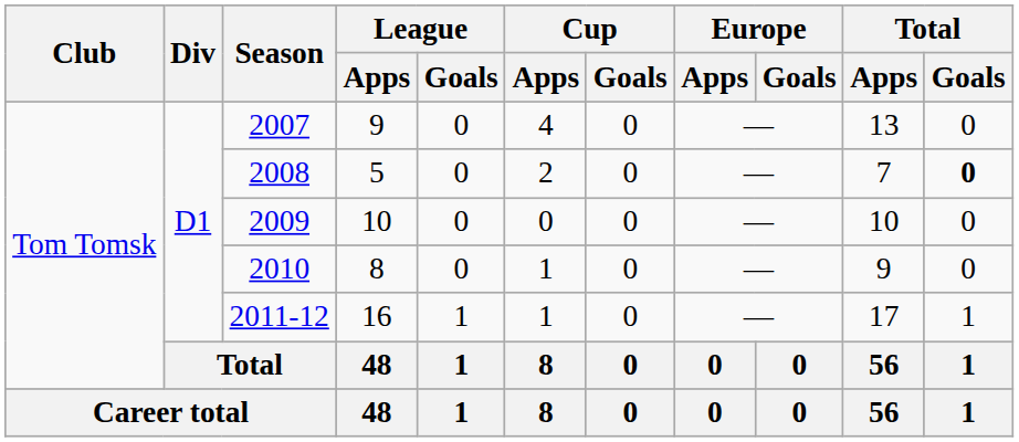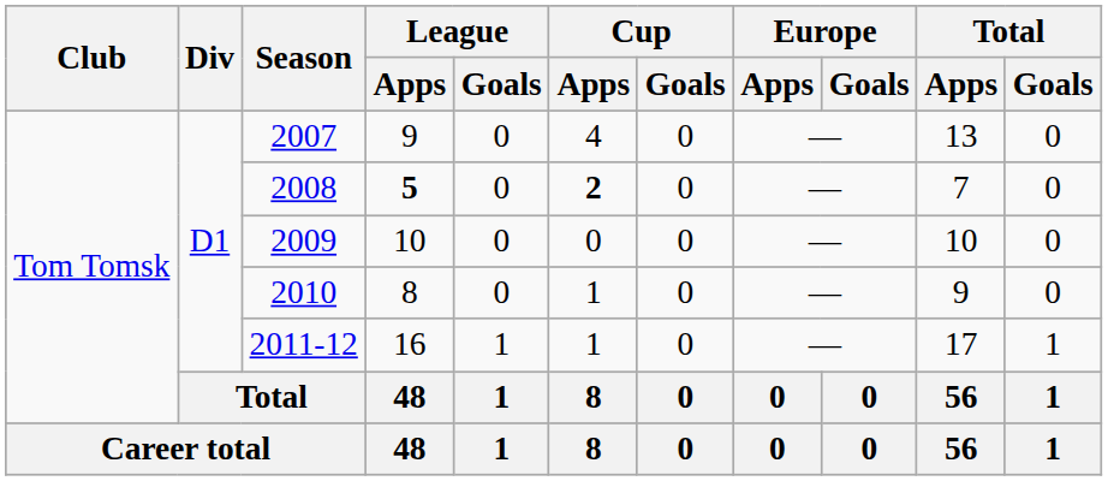 <table class="wikitable" style="text-align: center;">
 <tr>
 <th rowspan="2">Club</th>
 <th rowspan="2">Div</th>
 <th rowspan="2">Season</th>
 <th colspan="2">League</th>
 <th colspan="2">Cup</th>
 <th colspan="2">Europe</th>
 <th colspan="2">Total</th>
 </tr>
 <tr>
 <th>Apps</th>
 <th>Goals</th>
 <th>Apps</th>
 <th>Goals</th>
 <th>Apps</th>
 <th>Goals</th>
 <th>Apps</th>
 <th>Goals</th>
 </tr>
 <tr>
 <td rowspan="6" valign="center"> <a href='#'>Tom Tomsk</a></td>
 <td rowspan="5"><a href='#'>D1</a></td>
 <td><a href='#'>2007</a></td>
 <td>9</td>
 <td>0</td>
 <td>4</td>
 <td>0</td>
 <td colspan="2">—</td>
 <td>13</td>
 <td>0</td>
 </tr>
 <tr>
 <td><a href='#'>2008</a></td>
-<td>5</td>
+<td><strong>5</strong></td>
 <td>0</td>
-<td>2</td>
+<td><strong>2</strong></td>
 <td>0</td>
 <td colspan="2">—</td>
 <td>7</td>
-<td><strong>0</strong></td>
+<td>0</td>
 </tr>
 <tr>
 <td><a href='#'>2009</a></td>
 <td>10</td>
 <td>0</td>
 <td>0</td>
 <td>0</td>
 <td colspan="2">—</td>
 <td>10</td>
 <td>0</td>
 </tr>
 <tr>
 <td><a href='#'>2010</a></td>
 <td>8</td>
 <td>0</td>
 <td>1</td>
 <td>0</td>
 <td colspan="2">—</td>
 <td>9</td>
 <td>0</td>
 </tr>
 <tr>
 <td><a href='#'>2011-12</a></td>
 <td>16</td>
 <td>1</td>
 <td>1</td>
 <td>0</td>
 <td colspan="2">—</td>
 <td>17</td>
 <td>1</td>
 </tr>
 <tr>
 <th colspan="2">Total</th>
 <th>48</th>
 <th>1</th>
 <th>8</th>
 <th>0</th>
 <th>0</th>
 <th>0</th>
 <th>56</th>
 <th>1</th>
 </tr>
 <tr>
 <th colspan="3">Career total</th>
 <th>48</th>
 <th>1</th>
 <th>8</th>
 <th>0</th>
 <th>0</th>
 <th>0</th>
 <th>56</th>
 <th>1</th>
 </tr>
 </table>
